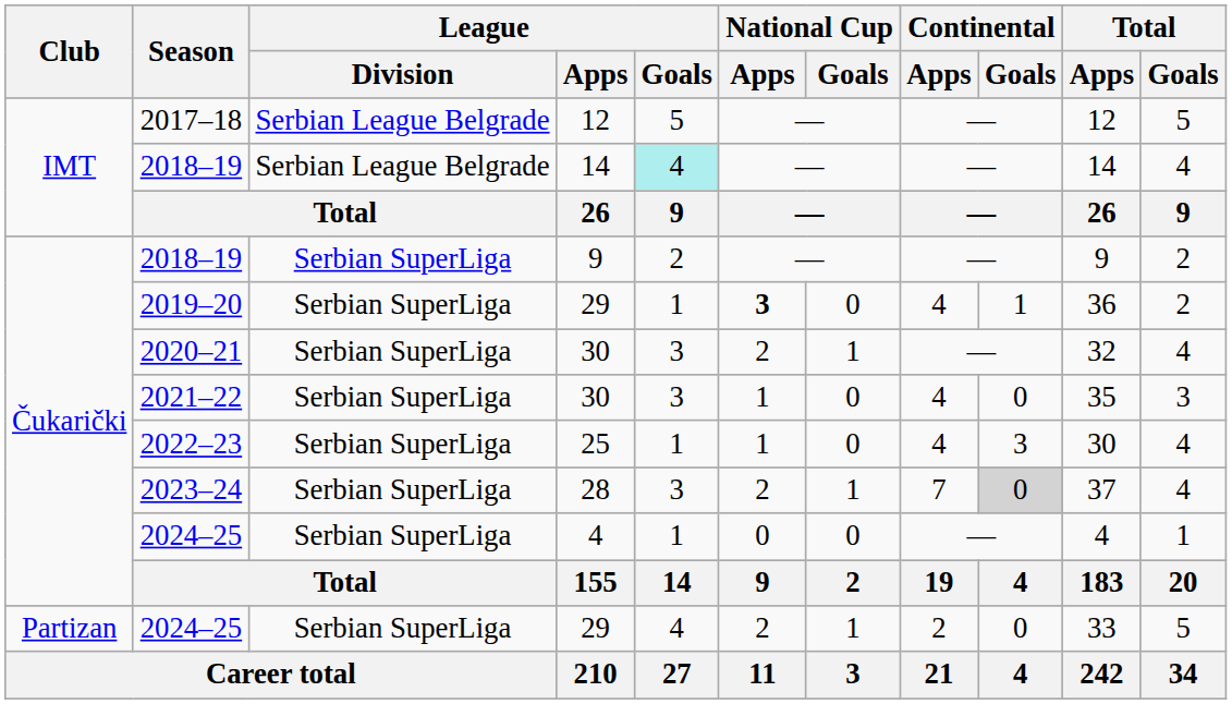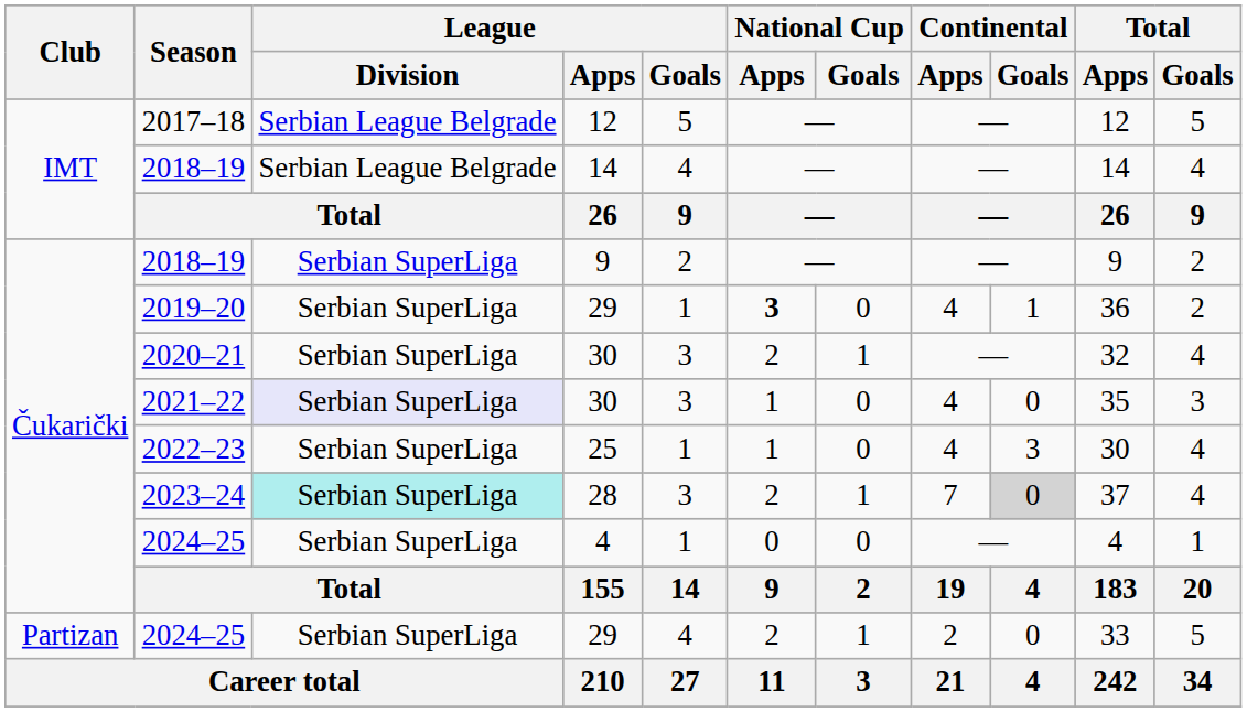 <table class="wikitable" style="text-align:center">
 <tr>
 <th rowspan=2>Club</th>
 <th rowspan=2>Season</th>
 <th colspan=3>League</th>
 <th colspan=2>National Cup</th>
 <th colspan=2>Continental</th>
 <th colspan=2>Total</th>
 </tr>
 <tr>
 <th>Division</th>
 <th>Apps</th>
 <th>Goals</th>
 <th>Apps</th>
 <th>Goals</th>
 <th>Apps</th>
 <th>Goals</th>
 <th>Apps</th>
 <th>Goals</th>
 </tr>
 <tr>
 <td rowspan=3><a href='#'>IMT</a></td>
 <td>2017–18</td>
 <td><a href='#'>Serbian League Belgrade</a></td>
 <td>12</td>
 <td>5</td>
 <td colspan=2>—</td>
 <td colspan=2>—</td>
 <td>12</td>
 <td>5</td>
 </tr>
 <tr>
 <td><a href='#'>2018–19</a></td>
 <td>Serbian League Belgrade</td>
 <td>14</td>
-<td style="background: paleturquoise;">4</td>
+<td>4</td>
 <td colspan=2>—</td>
 <td colspan=2>—</td>
 <td>14</td>
 <td>4</td>
 </tr>
 <tr>
 <th colspan="2">Total</th>
 <th>26</th>
 <th>9</th>
 <th colspan="2">—</th>
 <th colspan="2">—</th>
 <th>26</th>
 <th>9</th>
 </tr>
 <tr>
 <td rowspan=8><a href='#'>Čukarički</a></td>
 <td><a href='#'>2018–19</a></td>
 <td><a href='#'>Serbian SuperLiga</a></td>
 <td>9</td>
 <td>2</td>
 <td colspan=2>—</td>
 <td colspan=2>—</td>
 <td>9</td>
 <td>2</td>
 </tr>
 <tr>
 <td><a href='#'>2019–20</a></td>
 <td>Serbian SuperLiga</td>
 <td>29</td>
 <td>1</td>
 <td><strong>3</strong></td>
 <td>0</td>
 <td>4</td>
 <td>1</td>
 <td>36</td>
 <td>2</td>
 </tr>
 <tr>
 <td><a href='#'>2020–21</a></td>
 <td>Serbian SuperLiga</td>
 <td>30</td>
 <td>3</td>
 <td>2</td>
 <td>1</td>
 <td colspan=2>—</td>
 <td>32</td>
 <td>4</td>
 </tr>
 <tr>
 <td><a href='#'>2021–22</a></td>
-<td>Serbian SuperLiga</td>
+<td style="background: lavender;">Serbian SuperLiga</td>
 <td>30</td>
 <td>3</td>
 <td>1</td>
 <td>0</td>
 <td>4</td>
 <td>0</td>
 <td>35</td>
 <td>3</td>
 </tr>
 <tr>
 <td><a href='#'>2022–23</a></td>
 <td>Serbian SuperLiga</td>
 <td>25</td>
 <td>1</td>
 <td>1</td>
 <td>0</td>
 <td>4</td>
 <td>3</td>
 <td>30</td>
 <td>4</td>
 </tr>
 <tr>
 <td><a href='#'>2023–24</a></td>
-<td>Serbian SuperLiga</td>
+<td style="background: paleturquoise;">Serbian SuperLiga</td>
 <td>28</td>
 <td>3</td>
 <td>2</td>
 <td>1</td>
 <td>7</td>
 <td style="background: lightgrey;">0</td>
 <td>37</td>
 <td>4</td>
 </tr>
 <tr>
 <td><a href='#'>2024–25</a></td>
 <td>Serbian SuperLiga</td>
 <td>4</td>
 <td>1</td>
 <td>0</td>
 <td>0</td>
 <td colspan=2>—</td>
 <td>4</td>
 <td>1</td>
 </tr>
 <tr>
 <th colspan=2>Total</th>
 <th>155</th>
 <th>14</th>
 <th>9</th>
 <th>2</th>
 <th>19</th>
 <th>4</th>
 <th>183</th>
 <th>20</th>
 </tr>
 <tr>
 <td><a href='#'>Partizan</a></td>
 <td><a href='#'>2024–25</a></td>
 <td>Serbian SuperLiga</td>
 <td>29</td>
 <td>4</td>
 <td>2</td>
 <td>1</td>
 <td>2</td>
 <td>0</td>
 <td>33</td>
 <td>5</td>
 </tr>
 <tr>
 <th colspan=3>Career total</th>
 <th>210</th>
 <th>27</th>
 <th>11</th>
 <th>3</th>
 <th>21</th>
 <th>4</th>
 <th>242</th>
 <th>34</th>
 </tr>
 </table>
